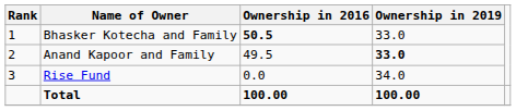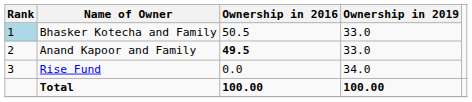 <table class="wikitable sortable" style="margin: 0.5em auto">
 <tr>
 <th>Rank</th>
 <th>Name of Owner</th>
 <th>Ownership in 2016</th>
 <th>Ownership in 2019</th>
 </tr>
 <tr>
-<td>1</td>
+<td style="background: lightblue;">1</td>
 <td>Bhasker Kotecha and Family</td>
-<td><strong>50.5</strong></td>
+<td>50.5</td>
 <td>33.0</td>
 </tr>
 <tr>
 <td>2</td>
 <td>Anand Kapoor and Family</td>
-<td>49.5</td>
-<td><strong>33.0</strong></td>
+<td><strong>49.5</strong></td>
+<td>33.0</td>
 </tr>
 <tr>
 <td>3</td>
 <td><a href='#'>Rise Fund</a></td>
 <td>0.0</td>
 <td>34.0</td>
 </tr>
 <tr>
 <td></td>
 <td><strong>Total</strong></td>
 <td><strong>100.00</strong></td>
 <td><strong>100.00</strong></td>
 <td></td>
 </tr>
 <tr>
 </tr>
 </table>
